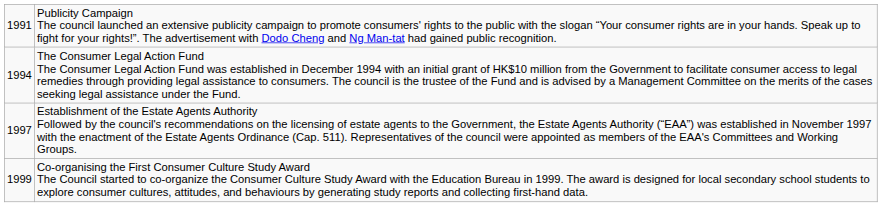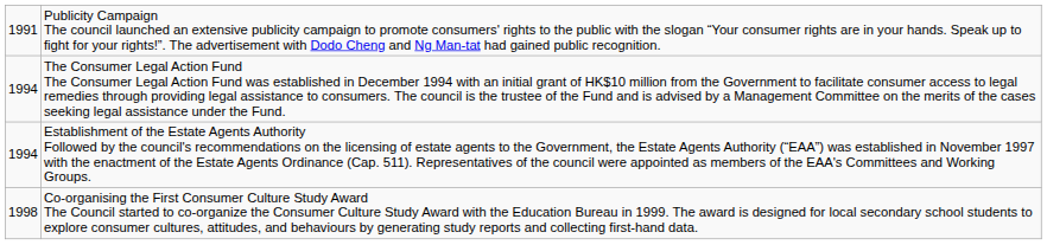 <table class="wikitable">
 <tr>
 <td>1991</td>
 <td>Publicity Campaign<br>The council launched an extensive publicity campaign to promote consumers' rights to the public with the slogan “Your consumer rights are in your hands. Speak up to fight for your rights!”. The advertisement with <a href='#'>Dodo Cheng</a> and <a href='#'>Ng Man-tat</a> had gained public recognition.</td>
 </tr>
 <tr>
 <td>1994</td>
 <td>The Consumer Legal Action Fund<br>The Consumer Legal Action Fund was established in December 1994 with an initial grant of HK$10 million from the Government to facilitate consumer access to legal remedies through providing legal assistance to consumers. The council is the trustee of the Fund and is advised by a Management Committee on the merits of the cases seeking legal assistance under the Fund.</td>
 </tr>
 <tr>
-<td>1997</td>
+<td>1994</td>
 <td>Establishment of the Estate Agents Authority<br>Followed by the council's recommendations on the licensing of estate agents to the Government, the Estate Agents Authority (“EAA”) was established in November 1997 with the enactment of the Estate Agents Ordinance (Cap. 511). Representatives of the council were appointed as members of the EAA's Committees and Working Groups.</td>
 </tr>
 <tr>
-<td>1999</td>
+<td>1998</td>
 <td>Co-organising the First Consumer Culture Study Award<br>The Council started to co-organize the Consumer Culture Study Award with the Education Bureau in 1999. The award is designed for local secondary school students to explore consumer cultures, attitudes, and behaviours by generating study reports and collecting first-hand data.</td>
 </tr>
 </table>
